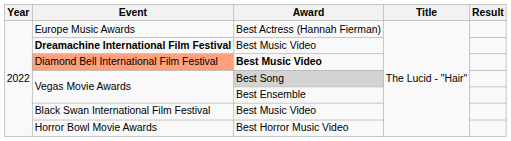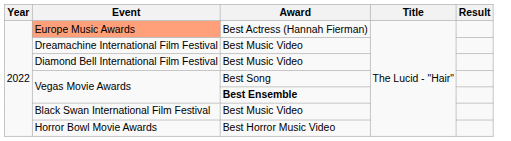 <table class="wikitable sortable">
 <tr>
 <th>Year</th>
 <th>Event</th>
 <th>Award</th>
 <th>Title</th>
 <th>Result</th>
 </tr>
 <tr>
 <td rowspan="7">2022</td>
-<td>Europe Music Awards</td>
+<td style="background: lightsalmon;">Europe Music Awards</td>
 <td>Best Actress (Hannah Fierman)</td>
 <td rowspan="7">The Lucid - "Hair"</td>
 <td></td>
 </tr>
 <tr>
-<td><strong>Dreamachine International Film Festival</strong></td>
+<td>Dreamachine International Film Festival</td>
 <td>Best Music Video</td>
 <td></td>
 </tr>
 <tr>
-<td style="background: lightsalmon;">Diamond Bell International Film Festival</td>
-<td><strong>Best Music Video</strong></td>
+<td>Diamond Bell International Film Festival</td>
+<td>Best Music Video</td>
 <td></td>
 </tr>
 <tr>
 <td rowspan="2">Vegas Movie Awards</td>
-<td style="background: lightgrey;">Best Song</td>
+<td>Best Song</td>
 <td></td>
 </tr>
 <tr>
-<td>Best Ensemble</td>
+<td><strong>Best Ensemble</strong></td>
 <td></td>
 </tr>
 <tr>
 <td>Black Swan International Film Festival</td>
 <td>Best Music Video</td>
 <td></td>
 </tr>
 <tr>
 <td>Horror Bowl Movie Awards</td>
 <td>Best Horror Music Video</td>
 <td></td>
 </tr>
 </table>
